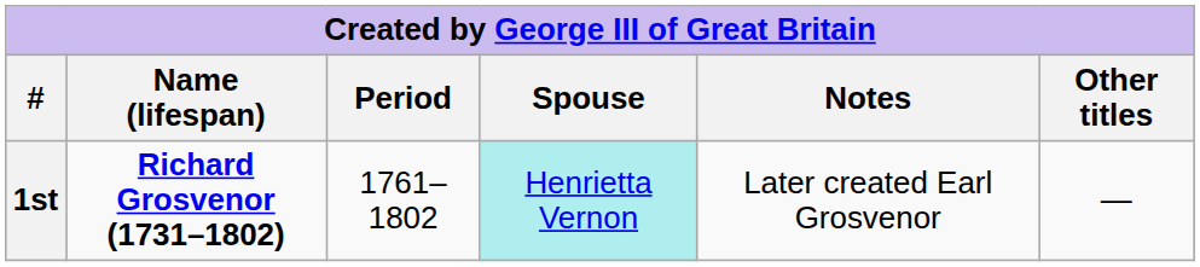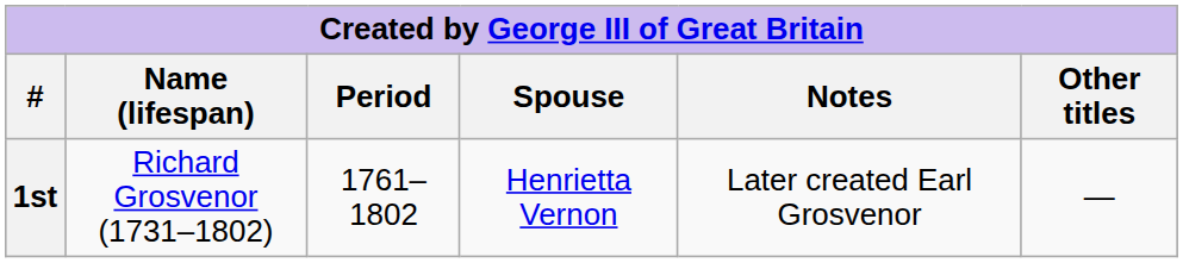 <table style="text-align:center" class="wikitable">
 <tr>
 <th colspan=6 style="background-color: #cbe">Created by <a href='#'>George III of Great Britain</a></th>
 </tr>
 <tr>
 <th>#</th>
 <th>Name<br>(lifespan)</th>
 <th>Period</th>
 <th>Spouse</th>
 <th>Notes</th>
 <th>Other titles</th>
 </tr>
 <tr>
 <th>1st</th>
-<td><strong><a href='#'>Richard Grosvenor</a><br>(1731–1802)</strong></td>
+<td><a href='#'>Richard Grosvenor</a><br>(1731–1802)</td>
 <td>1761–1802</td>
-<td style="background: paleturquoise;"><a href='#'>Henrietta Vernon</a></td>
+<td><a href='#'>Henrietta Vernon</a></td>
 <td>Later created Earl Grosvenor</td>
 <td>—</td>
 </tr>
 </table>
